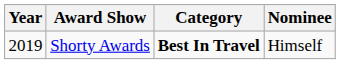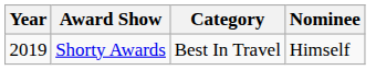 <table class="wikitable">
 <tr>
 <th>Year</th>
 <th>Award Show</th>
 <th>Category</th>
 <th>Nominee</th>
 </tr>
 <tr>
 <td rowspan="2" scope="row">2019</td>
 <td><a href='#'>Shorty Awards</a></td>
-<td><strong>Best In Travel</strong></td>
+<td>Best In Travel</td>
 <td>Himself</td>
 </tr>
 </table>
